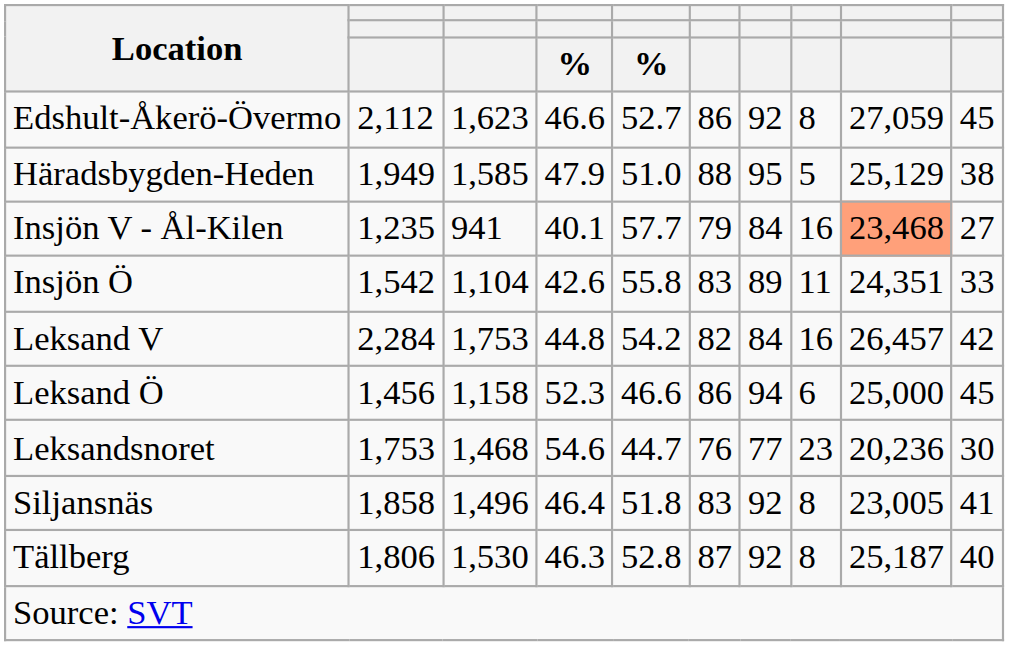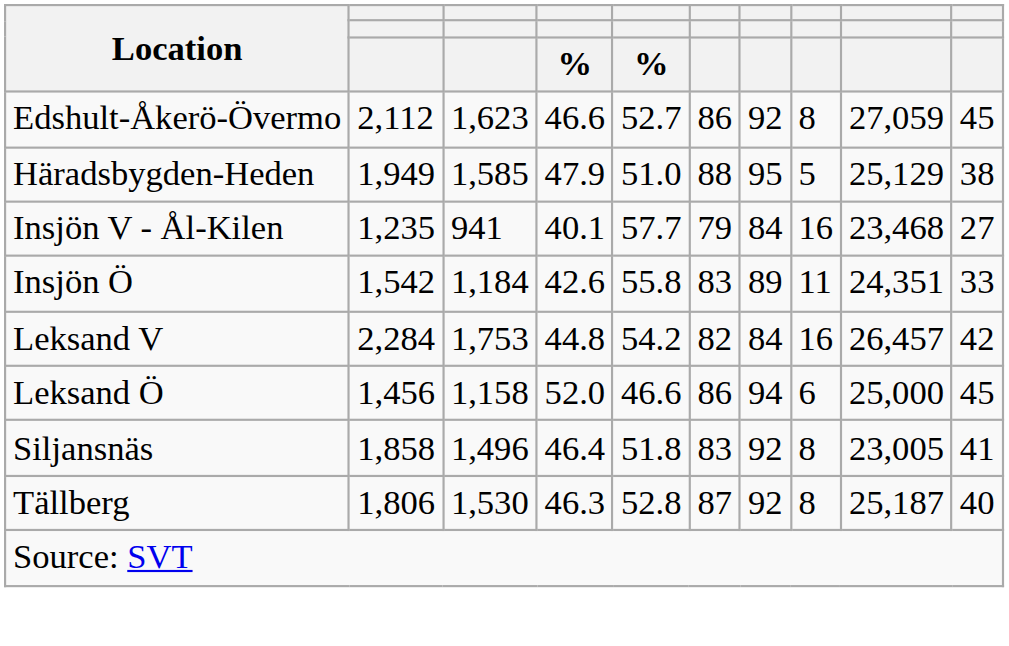 <table role="presentation" class="wikitable sortable mw-collapsible">
 <tr>
 <th rowspan="3">Location</th>
 <th></th>
 <th></th>
 <th></th>
 <th></th>
 <th></th>
 <th></th>
 <th></th>
 <th></th>
 <th></th>
 </tr>
 <tr>
 <th></th>
 <th></th>
 <th style="background:"></th>
 <th style="background:"></th>
 <th></th>
 <th></th>
 <th></th>
 <th></th>
 <th></th>
 </tr>
 <tr>
 <th data-sort-type="number"></th>
 <th data-sort-type="number"></th>
 <th data-sort-type="number">%</th>
 <th data-sort-type="number">%</th>
 <th data-sort-type="number"></th>
 <th data-sort-type="number"></th>
 <th data-sort-type="number"></th>
 <th data-sort-type="number"></th>
 <th data-sort-type="number"></th>
 </tr>
 <tr>
 <td align="left">Edshult-Åkerö-Övermo</td>
 <td>2,112</td>
 <td>1,623</td>
 <td>46.6</td>
 <td>52.7</td>
 <td>86</td>
 <td>92</td>
 <td>8</td>
 <td>27,059</td>
 <td>45</td>
 </tr>
 <tr>
 <td align="left">Häradsbygden-Heden</td>
 <td>1,949</td>
 <td>1,585</td>
 <td>47.9</td>
 <td>51.0</td>
 <td>88</td>
 <td>95</td>
 <td>5</td>
 <td>25,129</td>
 <td>38</td>
 </tr>
 <tr>
 <td align="left">Insjön V - Ål-Kilen</td>
 <td>1,235</td>
 <td>941</td>
 <td>40.1</td>
 <td>57.7</td>
 <td>79</td>
 <td>84</td>
 <td>16</td>
-<td style="background: lightsalmon;">23,468</td>
+<td>23,468</td>
 <td>27</td>
 </tr>
 <tr>
 <td align="left">Insjön Ö</td>
 <td>1,542</td>
-<td>1,104</td>
+<td>1,184</td>
 <td>42.6</td>
 <td>55.8</td>
 <td>83</td>
 <td>89</td>
 <td>11</td>
 <td>24,351</td>
 <td>33</td>
 </tr>
 <tr>
 <td align="left">Leksand V</td>
 <td>2,284</td>
 <td>1,753</td>
 <td>44.8</td>
 <td>54.2</td>
 <td>82</td>
 <td>84</td>
 <td>16</td>
 <td>26,457</td>
 <td>42</td>
 </tr>
 <tr>
 <td align="left">Leksand Ö</td>
 <td>1,456</td>
 <td>1,158</td>
-<td>52.3</td>
+<td>52.0</td>
 <td>46.6</td>
 <td>86</td>
 <td>94</td>
 <td>6</td>
 <td>25,000</td>
 <td>45</td>
-</tr>
-<tr>
-<td align="left">Leksandsnoret</td>
-<td>1,753</td>
-<td>1,468</td>
-<td>54.6</td>
-<td>44.7</td>
-<td>76</td>
-<td>77</td>
-<td>23</td>
-<td>20,236</td>
-<td>30</td>
 </tr>
 <tr>
 <td align="left">Siljansnäs</td>
 <td>1,858</td>
 <td>1,496</td>
 <td>46.4</td>
 <td>51.8</td>
 <td>83</td>
 <td>92</td>
 <td>8</td>
 <td>23,005</td>
 <td>41</td>
 </tr>
 <tr>
 <td align="left">Tällberg</td>
 <td>1,806</td>
 <td>1,530</td>
 <td>46.3</td>
 <td>52.8</td>
 <td>87</td>
 <td>92</td>
 <td>8</td>
 <td>25,187</td>
 <td>40</td>
 </tr>
 <tr>
 <td colspan="10" align="left">Source: <a href='#'>SVT</a></td>
 </tr>
 </table>
